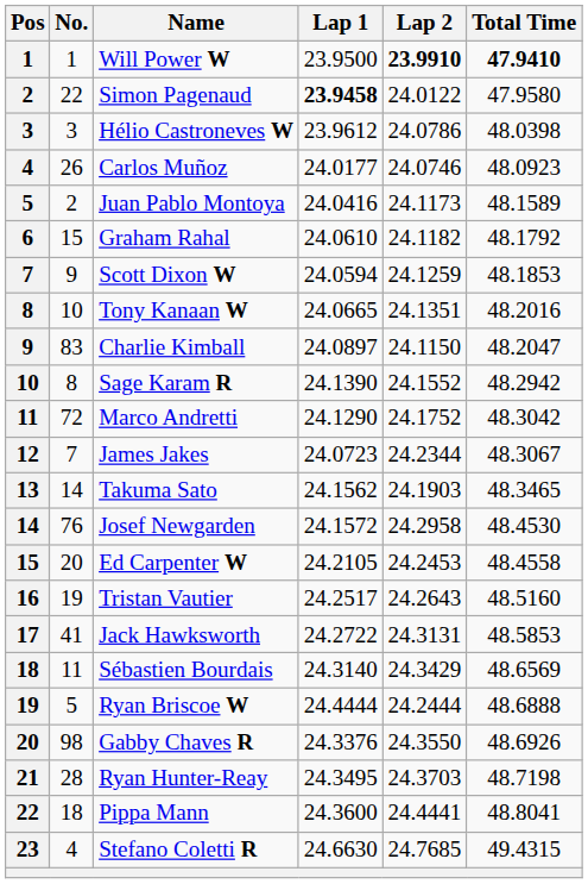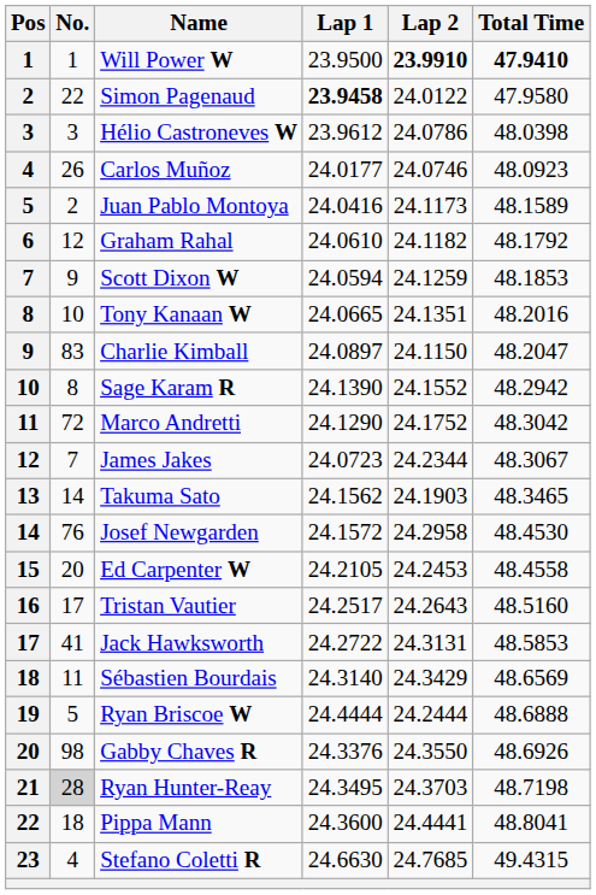 <table class="wikitable sortable" " style="fontsize:95%">
 <tr>
 <th>Pos</th>
 <th>No.</th>
 <th>Name</th>
 <th>Lap 1</th>
 <th>Lap 2</th>
 <th>Total Time</th>
 </tr>
 <tr>
 <th scope="row">1</th>
 <td align=center>1</td>
 <td> <a href='#'>Will Power</a> <strong><span>W</span></strong></td>
 <td align="center">23.9500</td>
 <td align="center"><strong>23.9910</strong></td>
 <td align="center"><strong>47.9410</strong></td>
 </tr>
 <tr>
 <th scope="row">2</th>
 <td align=center>22</td>
 <td> <a href='#'>Simon Pagenaud</a></td>
 <td align="center"><strong>23.9458</strong></td>
 <td align="center">24.0122</td>
 <td align="center">47.9580</td>
 </tr>
 <tr>
 <th scope="row">3</th>
 <td align=center>3</td>
 <td> <a href='#'>Hélio Castroneves</a> <strong><span>W</span></strong></td>
 <td align="center">23.9612</td>
 <td align="center">24.0786</td>
 <td align="center">48.0398</td>
 </tr>
 <tr>
 <th scope="row">4</th>
 <td align=center>26</td>
 <td> <a href='#'>Carlos Muñoz</a></td>
 <td align="center">24.0177</td>
 <td align="center">24.0746</td>
 <td align="center">48.0923</td>
 </tr>
 <tr>
 <th scope="row">5</th>
 <td align=center>2</td>
 <td> <a href='#'>Juan Pablo Montoya</a></td>
 <td align="center">24.0416</td>
 <td align="center">24.1173</td>
 <td align="center">48.1589</td>
 </tr>
 <tr>
 <th scope="row">6</th>
-<td align=center>15</td>
+<td align=center>12</td>
 <td> <a href='#'>Graham Rahal</a></td>
 <td align="center">24.0610</td>
 <td align="center">24.1182</td>
 <td align="center">48.1792</td>
 </tr>
 <tr>
 <th scope="row">7</th>
 <td align=center>9</td>
 <td> <a href='#'>Scott Dixon</a> <strong><span>W</span></strong></td>
 <td align="center">24.0594</td>
 <td align="center">24.1259</td>
 <td align="center">48.1853</td>
 </tr>
 <tr>
 <th scope="row">8</th>
 <td align=center>10</td>
 <td> <a href='#'>Tony Kanaan</a> <strong><span>W</span></strong></td>
 <td align="center">24.0665</td>
 <td align="center">24.1351</td>
 <td align="center">48.2016</td>
 </tr>
 <tr>
 <th scope="row">9</th>
 <td align=center>83</td>
 <td> <a href='#'>Charlie Kimball</a></td>
 <td align="center">24.0897</td>
 <td align="center">24.1150</td>
 <td align="center">48.2047</td>
 </tr>
 <tr>
 <th scope="row">10</th>
 <td align=center>8</td>
 <td> <a href='#'>Sage Karam</a> <strong><span>R</span></strong></td>
 <td align="center">24.1390</td>
 <td align="center">24.1552</td>
 <td align="center">48.2942</td>
 </tr>
 <tr>
 <th scope="row">11</th>
 <td align=center>72</td>
 <td> <a href='#'>Marco Andretti</a></td>
 <td align="center">24.1290</td>
 <td align="center">24.1752</td>
 <td align="center">48.3042</td>
 </tr>
 <tr>
 <th scope="row">12</th>
 <td align=center>7</td>
 <td> <a href='#'>James Jakes</a></td>
 <td align="center">24.0723</td>
 <td align="center">24.2344</td>
 <td align="center">48.3067</td>
 </tr>
 <tr>
 <th scope="row">13</th>
 <td align=center>14</td>
 <td> <a href='#'>Takuma Sato</a></td>
 <td align="center">24.1562</td>
 <td align="center">24.1903</td>
 <td align="center">48.3465</td>
 </tr>
 <tr>
 <th scope="row">14</th>
 <td align=center>76</td>
 <td> <a href='#'>Josef Newgarden</a></td>
 <td align="center">24.1572</td>
 <td align="center">24.2958</td>
 <td align="center">48.4530</td>
 </tr>
 <tr>
 <th scope="row">15</th>
 <td align=center>20</td>
 <td> <a href='#'>Ed Carpenter</a> <strong><span>W</span></strong></td>
 <td align="center">24.2105</td>
 <td align="center">24.2453</td>
 <td align="center">48.4558</td>
 </tr>
 <tr>
 <th scope="row">16</th>
-<td align=center>19</td>
+<td align=center>17</td>
 <td> <a href='#'>Tristan Vautier</a></td>
 <td align="center">24.2517</td>
 <td align="center">24.2643</td>
 <td align="center">48.5160</td>
 </tr>
 <tr>
 <th scope="row">17</th>
 <td align=center>41</td>
 <td> <a href='#'>Jack Hawksworth</a></td>
 <td align="center">24.2722</td>
 <td align="center">24.3131</td>
 <td align="center">48.5853</td>
 </tr>
 <tr>
 <th scope="row">18</th>
 <td align=center>11</td>
 <td> <a href='#'>Sébastien Bourdais</a></td>
 <td align="center">24.3140</td>
 <td align="center">24.3429</td>
 <td align="center">48.6569</td>
 </tr>
 <tr>
 <th scope="row">19</th>
 <td align=center>5</td>
 <td> <a href='#'>Ryan Briscoe</a> <strong><span>W</span></strong></td>
 <td align="center">24.4444</td>
 <td align="center">24.2444</td>
 <td align="center">48.6888</td>
 </tr>
 <tr>
 <th scope="row">20</th>
 <td align=center>98</td>
 <td> <a href='#'>Gabby Chaves</a> <strong><span>R</span></strong></td>
 <td align="center">24.3376</td>
 <td align="center">24.3550</td>
 <td align="center">48.6926</td>
 </tr>
 <tr>
 <th scope="row">21</th>
-<td align=center>28</td>
+<td align=center style="background: lightgrey;">28</td>
 <td> <a href='#'>Ryan Hunter-Reay</a></td>
 <td align="center">24.3495</td>
 <td align="center">24.3703</td>
 <td align="center">48.7198</td>
 </tr>
 <tr>
 <th scope="row">22</th>
 <td align=center>18</td>
 <td> <a href='#'>Pippa Mann</a></td>
 <td align="center">24.3600</td>
 <td align="center">24.4441</td>
 <td align="center">48.8041</td>
 </tr>
 <tr>
 <th scope="row">23</th>
 <td align=center>4</td>
 <td> <a href='#'>Stefano Coletti</a> <strong><span>R</span></strong></td>
 <td align="center">24.6630</td>
 <td align="center">24.7685</td>
 <td align="center">49.4315</td>
 </tr>
 <tr>
 <th colspan=11 align=center></th>
 </tr>
 </table>
